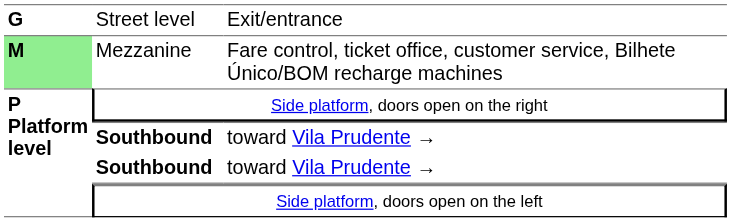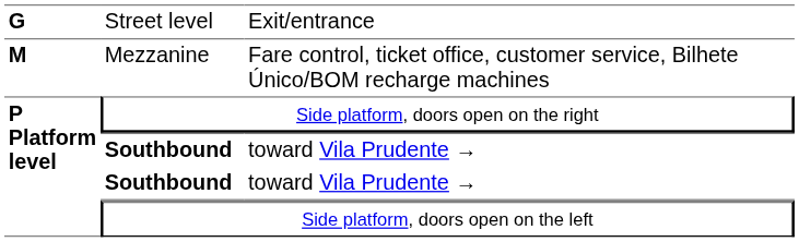 <table table border=0 cellspacing=0 cellpadding=3>
 <tr>
 <td style="border-top:solid 1px gray;vertical-align:top;" width=50><strong>G</strong></td>
 <td style="border-top:solid 1px gray;vertical-align:top;" width=100>Street level</td>
 <td style="border-top:solid 1px gray;vertical-align:top;" width=400>Exit/entrance</td>
 </tr>
 <tr>
-<td style="background: lightgreen; border-top:solid 1px gray;vertical-align:top;"><strong>M</strong></td>
+<td style="border-top:solid 1px gray;vertical-align:top;"><strong>M</strong></td>
 <td style="border-top:solid 1px gray;vertical-align:top;">Mezzanine</td>
 <td style="border-top:solid 1px gray;vertical-align:top;">Fare control, ticket office, customer service, Bilhete Único/BOM recharge machines</td>
 </tr>
 <tr>
 <td style="border-top:solid 1px gray;border-bottom:solid 1px gray;vertical-align:top;" rowspan=4><strong>P<br>Platform level</strong></td>
 <td style="border-top:solid 1px gray;border-right:solid 2px black;border-left:solid 2px black;border-bottom:solid 2px black;text-align:center;" colspan=2><small><a href='#'>Side platform</a>, doors open on the right</small></td>
 </tr>
 <tr>
 <td style="border-top:solid 1px gray;"><span><strong>Southbound</strong></span></td>
 <td style="border-top:solid 1px gray;"> toward <a href='#'>Vila Prudente</a> →</td>
 </tr>
 <tr>
 <td style="border-bottom:solid 1px gray;"><span><strong>Southbound</strong></span></td>
 <td style="border-bottom:solid 1px gray;"> toward <a href='#'>Vila Prudente</a> →</td>
 </tr>
 <tr>
 <td style="border-top:solid 2px gray;border-right:solid 2px black;border-left:solid 2px black;border-bottom:solid 1px black;text-align:center;" colspan=5><small><a href='#'>Side platform</a>, doors open on the left</small></td>
 </tr>
 </table>
